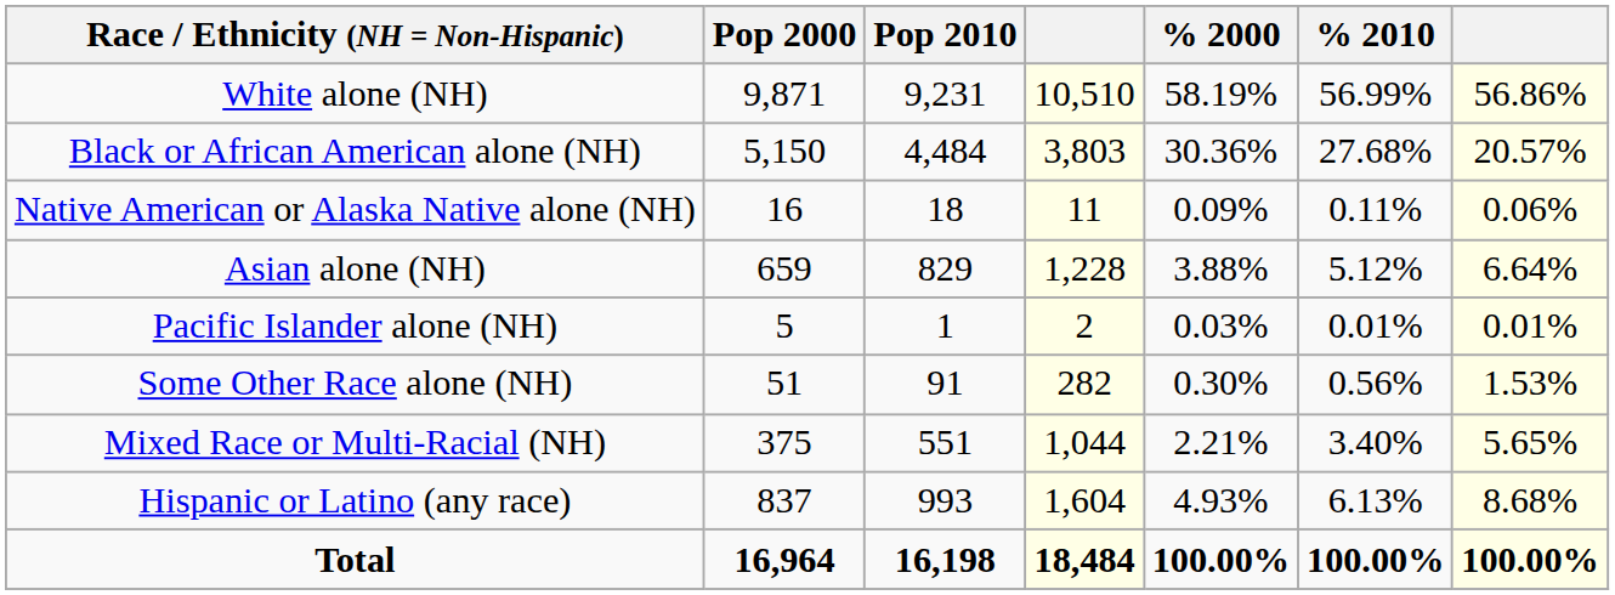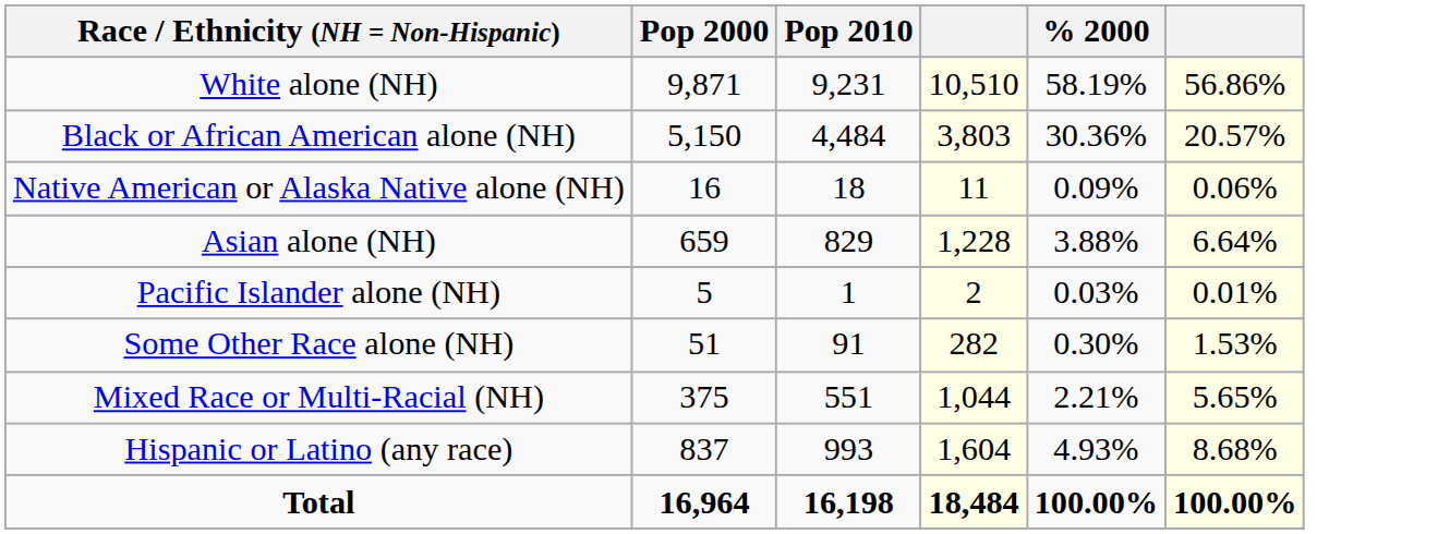 <table class="wikitable" style="text-align:center;">
 <tr>
 <th>Race / Ethnicity <small>(<em>NH = Non-Hispanic</em>)</small></th>
 <th>Pop 2000</th>
 <th>Pop 2010</th>
 <th></th>
 <th>% 2000</th>
-<th>% 2010</th>
 <th></th>
 </tr>
 <tr>
 <td><a href='#'>White</a> alone (NH)</td>
 <td>9,871</td>
 <td>9,231</td>
 <td style='background: #ffffe6;'>10,510</td>
 <td>58.19%</td>
-<td>56.99%</td>
 <td style='background: #ffffe6;'>56.86%</td>
 </tr>
 <tr>
 <td><a href='#'>Black or African American</a> alone (NH)</td>
 <td>5,150</td>
 <td>4,484</td>
 <td style='background: #ffffe6;'>3,803</td>
 <td>30.36%</td>
-<td>27.68%</td>
 <td style='background: #ffffe6;'>20.57%</td>
 </tr>
 <tr>
 <td><a href='#'>Native American</a> or <a href='#'>Alaska Native</a> alone (NH)</td>
 <td>16</td>
 <td>18</td>
 <td style='background: #ffffe6;'>11</td>
 <td>0.09%</td>
-<td>0.11%</td>
 <td style='background: #ffffe6;'>0.06%</td>
 </tr>
 <tr>
 <td><a href='#'>Asian</a> alone (NH)</td>
 <td>659</td>
 <td>829</td>
 <td style='background: #ffffe6;'>1,228</td>
 <td>3.88%</td>
-<td>5.12%</td>
 <td style='background: #ffffe6;'>6.64%</td>
 </tr>
 <tr>
 <td><a href='#'>Pacific Islander</a> alone (NH)</td>
 <td>5</td>
 <td>1</td>
 <td style='background: #ffffe6;'>2</td>
 <td>0.03%</td>
-<td>0.01%</td>
 <td style='background: #ffffe6;'>0.01%</td>
 </tr>
 <tr>
 <td><a href='#'>Some Other Race</a> alone (NH)</td>
 <td>51</td>
 <td>91</td>
 <td style='background: #ffffe6;'>282</td>
 <td>0.30%</td>
-<td>0.56%</td>
 <td style='background: #ffffe6;'>1.53%</td>
 </tr>
 <tr>
 <td><a href='#'>Mixed Race or Multi-Racial</a> (NH)</td>
 <td>375</td>
 <td>551</td>
 <td style='background: #ffffe6;'>1,044</td>
 <td>2.21%</td>
-<td>3.40%</td>
 <td style='background: #ffffe6;'>5.65%</td>
 </tr>
 <tr>
 <td><a href='#'>Hispanic or Latino</a> (any race)</td>
 <td>837</td>
 <td>993</td>
 <td style='background: #ffffe6;'>1,604</td>
 <td>4.93%</td>
-<td>6.13%</td>
 <td style='background: #ffffe6;'>8.68%</td>
 </tr>
 <tr>
 <td><strong>Total</strong></td>
 <td><strong>16,964</strong></td>
 <td><strong>16,198</strong></td>
 <td style='background: #ffffe6;'><strong>18,484</strong></td>
 <td><strong>100.00%</strong></td>
-<td><strong>100.00%</strong></td>
 <td style='background: #ffffe6;'><strong>100.00%</strong></td>
 </tr>
 </table>
